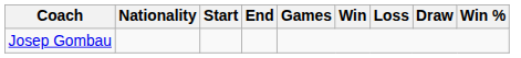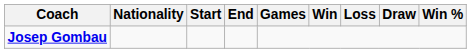 <table class="wikitable" style="text-align:center; margin-left: lem;">
 <tr>
 <th>Coach</th>
 <th>Nationality</th>
 <th>Start</th>
 <th>End</th>
 <th>Games</th>
 <th><strong>Win</strong></th>
 <th>Loss</th>
 <th>Draw</th>
 <th>Win %</th>
 </tr>
 <tr>
-<td><a href='#'>Josep Gombau</a></td>
+<td><strong><a href='#'>Josep Gombau</a></strong></td>
 <td></td>
 <td></td>
 <td><br></td>
 </tr>
 </table>
